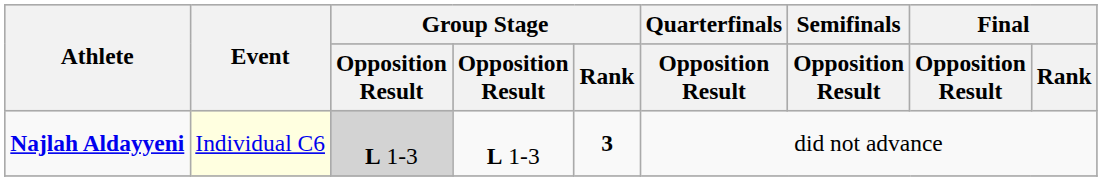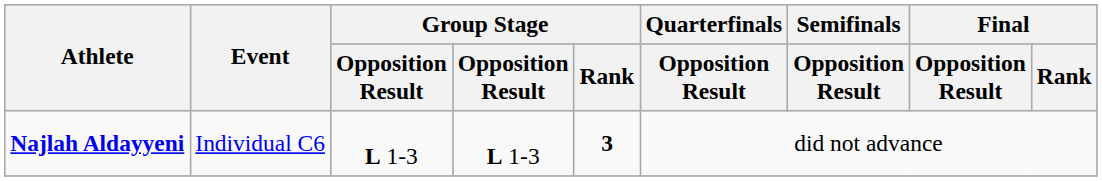 <table class=wikitable style="font-size:90%">
 <tr>
 <th rowspan="2">Athlete</th>
 <th rowspan="2">Event</th>
 <th colspan="3">Group Stage</th>
 <th>Quarterfinals</th>
 <th>Semifinals</th>
 <th colspan="2">Final</th>
 </tr>
 <tr>
 <th>Opposition<br>Result</th>
 <th>Opposition<br>Result</th>
 <th>Rank</th>
 <th>Opposition<br>Result</th>
 <th>Opposition<br>Result</th>
 <th>Opposition<br>Result</th>
 <th>Rank</th>
 </tr>
 <tr align=center>
 <td align=left><strong><a href='#'>Najlah Aldayyeni </a></strong></td>
-<td align=left style="background: lightyellow;"><a href='#'>Individual C6</a></td>
-<td style="background: lightgrey;"><br><strong>L</strong> 1-3</td>
+<td align=left><a href='#'>Individual C6</a></td>
+<td><br><strong>L</strong> 1-3</td>
 <td><br><strong>L</strong> 1-3</td>
 <td><strong>3</strong></td>
 <td colspan=4>did not advance</td>
 </tr>
 </table>
